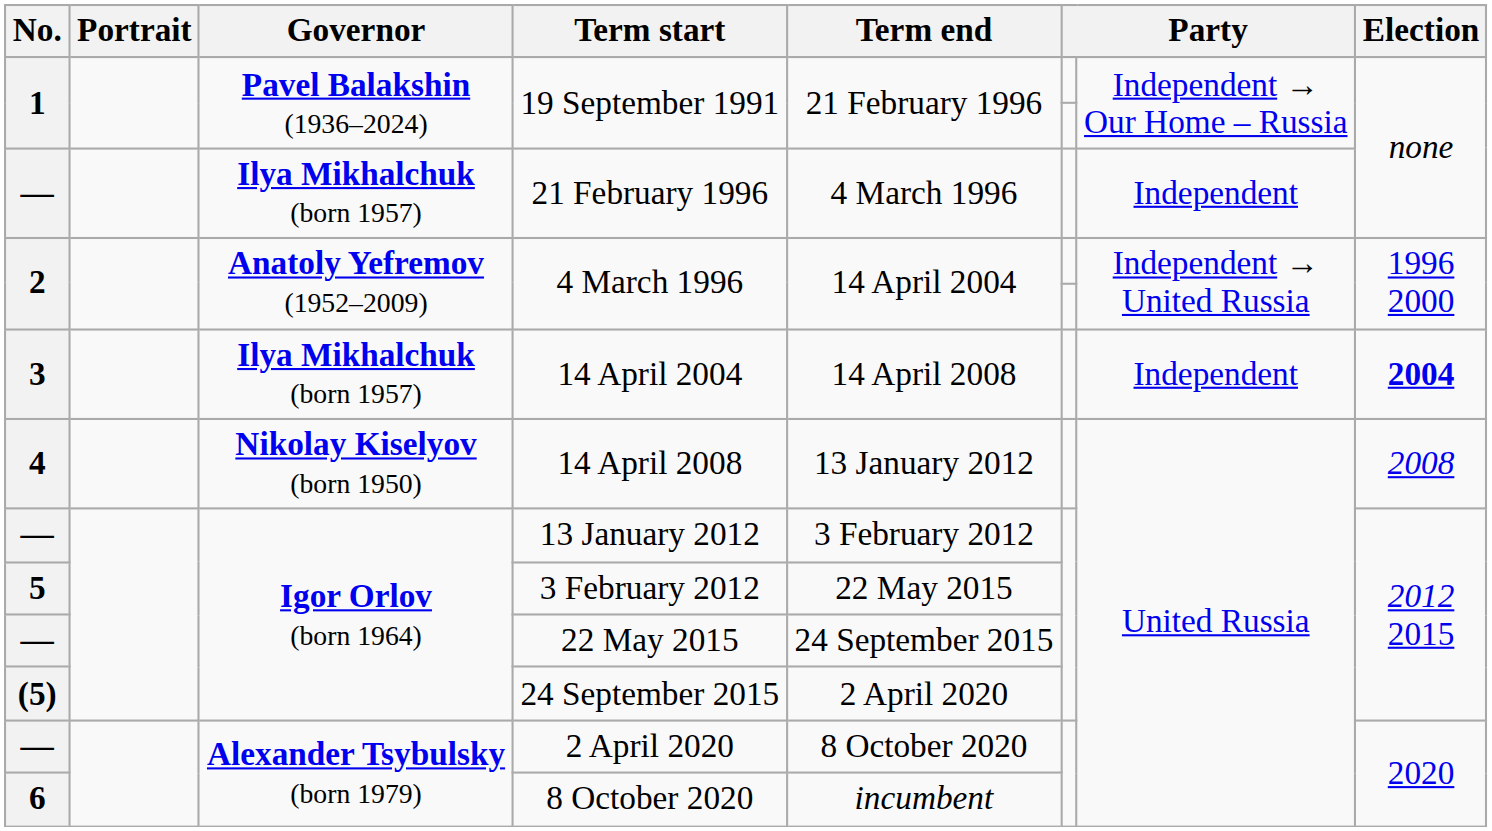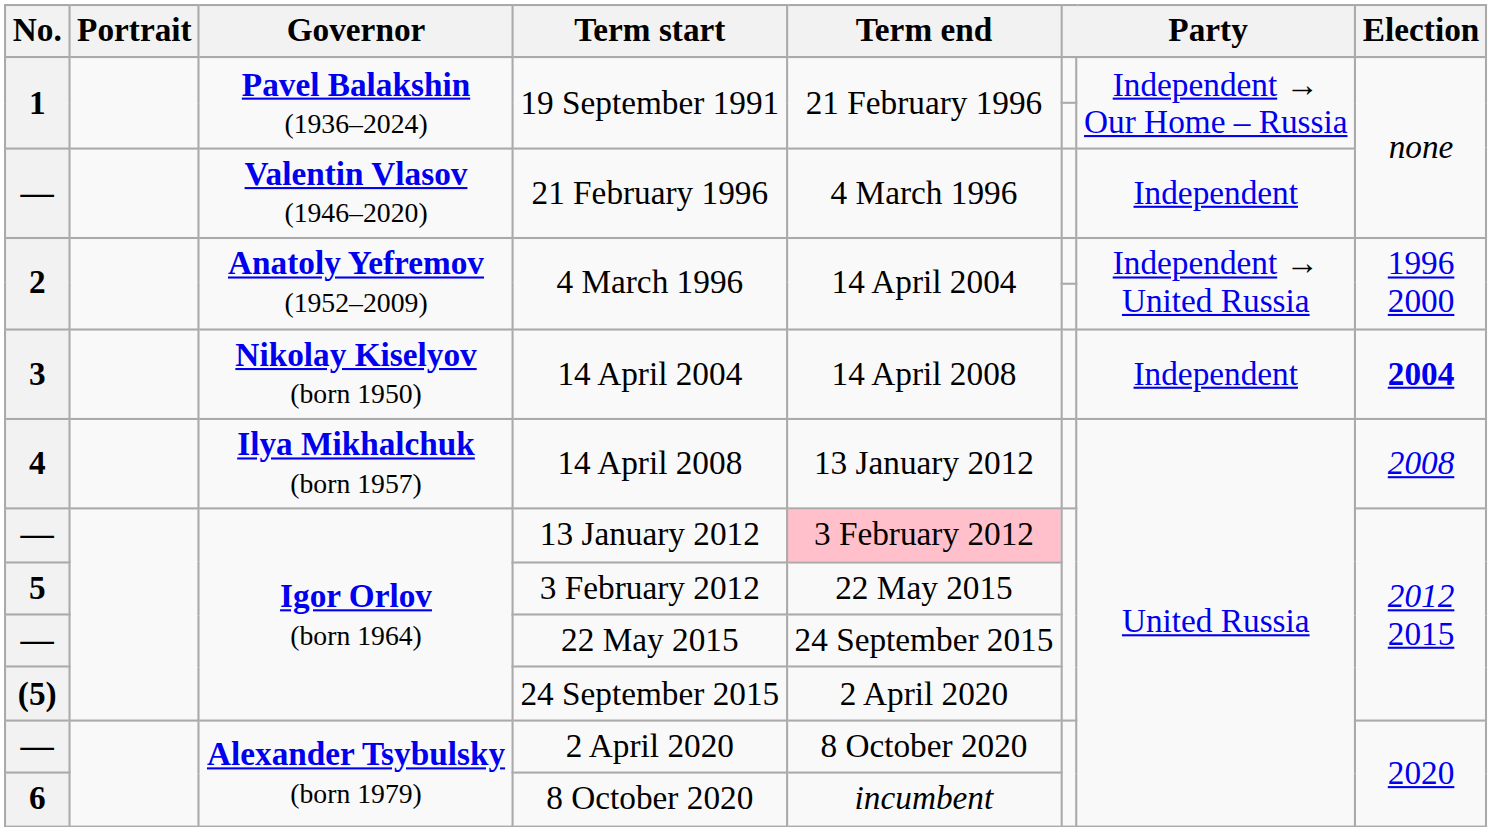 <table class="wikitable" style="text-align: center;">
 <tr>
 <th>No.</th>
 <th>Portrait</th>
 <th>Governor</th>
 <th>Term start</th>
 <th>Term end</th>
 <th colspan=2>Party</th>
 <th>Election</th>
 </tr>
 <tr>
 <th rowspan="2">1</th>
 <td rowspan="2"></td>
 <td rowspan="2"><strong><a href='#'>Pavel Balakshin</a></strong><br><small>(1936–2024)</small></td>
 <td rowspan="2">19 September 1991</td>
 <td rowspan="2">21 February 1996</td>
 <td style="color:inherit;background: "></td>
 <td rowspan="2"><a href='#'>Independent</a> →<br><a href='#'>Our Home – Russia</a></td>
 <td rowspan="3"><em>none</em></td>
 </tr>
 <tr>
 <td style="color:inherit;background: "></td>
 </tr>
 <tr>
 <th>—</th>
 <td></td>
-<td><strong><a href='#'>Ilya Mikhalchuk</a></strong><br><small>(born 1957)</small></td>
+<td><strong><a href='#'>Valentin Vlasov</a></strong><br><small>(1946–2020)</small></td>
 <td>21 February 1996</td>
 <td>4 March 1996</td>
 <td style="color:inherit;background: "></td>
 <td><a href='#'>Independent</a></td>
 </tr>
 <tr>
 <th rowspan=2>2</th>
 <td rowspan=2></td>
 <td rowspan=2><strong><a href='#'>Anatoly Yefremov</a></strong><br><small>(1952–2009)</small></td>
 <td rowspan=2>4 March 1996</td>
 <td rowspan=2>14 April 2004</td>
 <td style="color:inherit;background: "></td>
 <td rowspan=2><a href='#'>Independent</a> →<br><a href='#'>United Russia</a></td>
 <td rowspan=2><a href='#'>1996</a><br><a href='#'>2000</a></td>
 </tr>
 <tr>
 <td style="color:inherit;background: "></td>
 </tr>
 <tr>
 <th>3</th>
 <td></td>
-<td><strong><a href='#'>Ilya Mikhalchuk</a></strong><br><small>(born 1957)</small></td>
+<td><strong><a href='#'>Nikolay Kiselyov</a></strong><br><small>(born 1950)</small></td>
 <td>14 April 2004</td>
 <td>14 April 2008</td>
 <td style="color:inherit;background: "></td>
 <td><a href='#'>Independent</a></td>
 <td><strong><a href='#'>2004</a></strong></td>
 </tr>
 <tr>
 <th>4</th>
 <td></td>
-<td><strong><a href='#'>Nikolay Kiselyov</a></strong><br><small>(born 1950)</small></td>
+<td><strong><a href='#'>Ilya Mikhalchuk</a></strong><br><small>(born 1957)</small></td>
 <td>14 April 2008</td>
 <td>13 January 2012</td>
 <td style="color:inherit;background: "></td>
 <td rowspan=7><a href='#'>United Russia</a></td>
 <td><em><a href='#'>2008</a></em></td>
 </tr>
 <tr>
 <th>—</th>
 <td rowspan="4"></td>
 <td rowspan="4"><strong><a href='#'>Igor Orlov</a></strong><br><small>(born 1964)</small></td>
 <td>13 January 2012</td>
-<td>3 February 2012</td>
+<td style="background: pink;">3 February 2012</td>
 <td rowspan="4;" style="background: "></td>
 <td rowspan=4><em><a href='#'>2012</a></em><br><a href='#'>2015</a></td>
 </tr>
 <tr>
 <th>5</th>
 <td>3 February 2012</td>
 <td>22 May 2015</td>
 </tr>
 <tr>
 <th>—</th>
 <td>22 May 2015</td>
 <td>24 September 2015</td>
 </tr>
 <tr>
 <th>(5)</th>
 <td>24 September 2015</td>
 <td>2 April 2020</td>
 </tr>
 <tr>
 <th>—</th>
 <td rowspan="2"></td>
 <td rowspan="2"><strong><a href='#'>Alexander Tsybulsky</a></strong><br><small>(born 1979)</small></td>
 <td>2 April 2020</td>
 <td>8 October 2020</td>
 <td rowspan="2;" style="background: "></td>
 <td rowspan="2"><a href='#'>2020</a></td>
 </tr>
 <tr>
 <th>6</th>
 <td>8 October 2020</td>
 <td><em>incumbent</em></td>
 </tr>
 </table>
